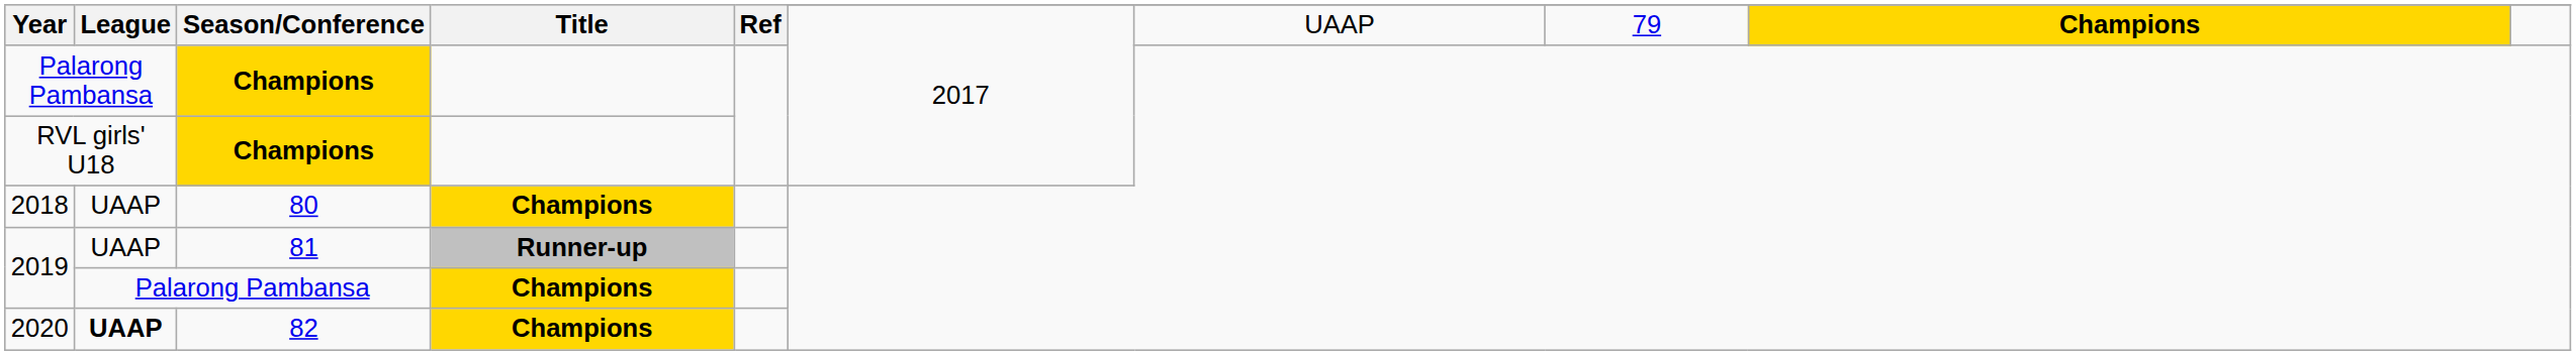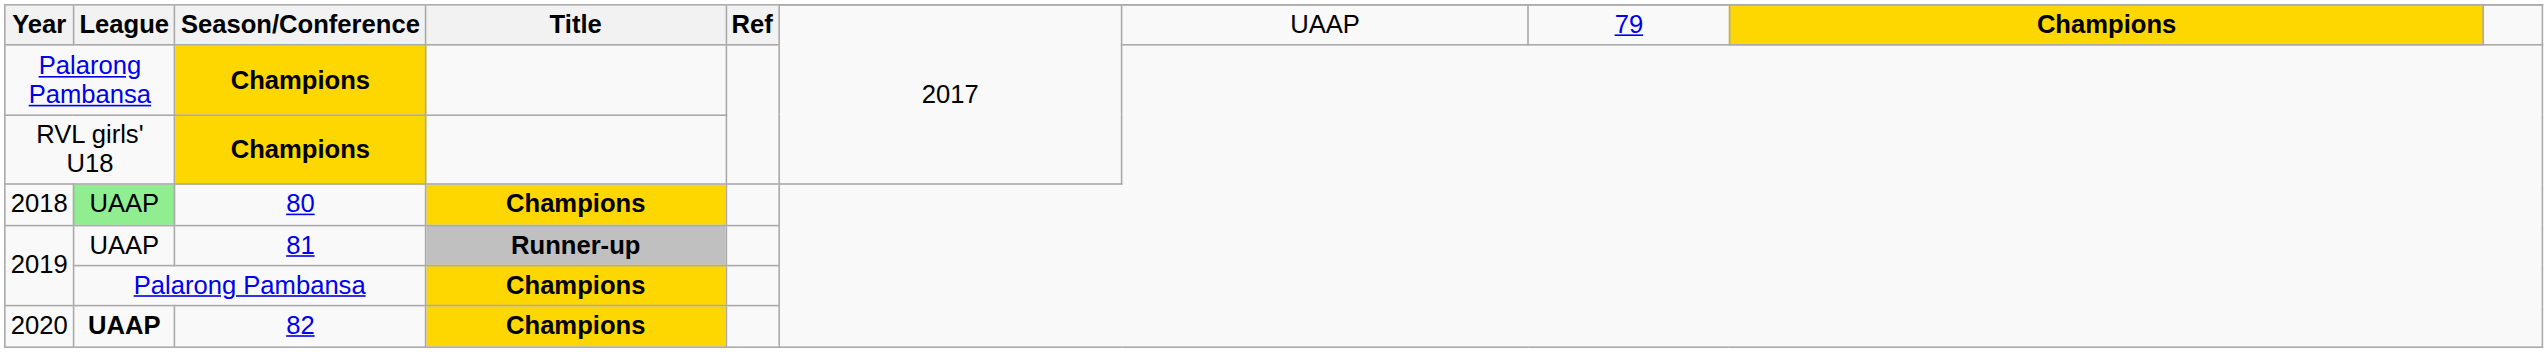 <table class="wikitable sortable" style="text-align:center" width="80%">
 <tr>
 <th style="width:5px;" rowspan="2">Year</th>
 <th style="width:25px;" rowspan="2">League</th>
 <th style="width:100px;" rowspan="2">Season/Conference</th>
 <th style="width:180px;" rowspan="2">Title</th>
 <th style="width:25px;" rowspan="2">Ref</th>
 </tr>
 <tr>
 <td rowspan=3>2017</td>
 <td>UAAP</td>
 <td><a href='#'>79</a></td>
 <td style="background:gold"><strong>Champions</strong></td>
 <td></td>
 </tr>
 <tr>
 <td colspan=2><a href='#'>Palarong Pambansa</a></td>
 <td style="background:gold"><strong>Champions</strong></td>
 <td></td>
 </tr>
 <tr>
 <td colspan=2>RVL girls' U18</td>
 <td style="background:gold"><strong>Champions</strong></td>
 <td></td>
 </tr>
 <tr>
 <td>2018</td>
-<td>UAAP</td>
+<td style="background: lightgreen;">UAAP</td>
 <td><a href='#'>80</a></td>
 <td style="background:gold"><strong>Champions</strong></td>
 <td></td>
 </tr>
 <tr>
 <td rowspan=2>2019</td>
 <td>UAAP</td>
 <td><a href='#'>81</a></td>
 <td style="background:silver"><strong>Runner-up</strong></td>
 <td></td>
 </tr>
 <tr>
 <td colspan=2><a href='#'>Palarong Pambansa</a></td>
 <td style="background:gold"><strong>Champions</strong></td>
 <td></td>
 </tr>
 <tr>
 <td>2020</td>
 <td><strong>UAAP</strong></td>
 <td><a href='#'>82</a></td>
 <td style="background:gold"><strong>Champions</strong></td>
 <td></td>
 </tr>
 </table>
